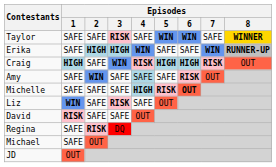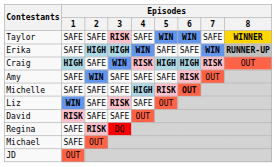 <table class="wikitable" style="text-align:center">
 <tr>
 <th rowspan=2>Contestants</th>
 <th colspan=8>Episodes</th>
 </tr>
 <tr>
 <th>1</th>
 <th>2</th>
 <th>3</th>
 <th>4</th>
 <th>5</th>
 <th>6</th>
 <th>7</th>
 <th>8</th>
 </tr>
 <tr>
 <td align="left">Taylor</td>
 <td>SAFE</td>
 <td>SAFE</td>
 <td bgcolor="pink"><strong>RISK</strong></td>
 <td>SAFE</td>
 <td bgcolor="cornflowerblue"><strong>WIN</strong></td>
 <td bgcolor="cornflowerblue"><strong>WIN</strong></td>
 <td>SAFE</td>
 <td bgcolor="gold"><strong>WINNER</strong></td>
 </tr>
 <tr>
 <td align="left">Erika</td>
 <td>SAFE</td>
 <td bgcolor="lightblue"><strong>HIGH</strong></td>
 <td bgcolor="lightblue"><strong>HIGH</strong></td>
 <td bgcolor="cornflowerblue"><strong>WIN</strong></td>
 <td>SAFE</td>
 <td>SAFE</td>
 <td bgcolor="cornflowerblue"><strong>WIN</strong></td>
 <td bgcolor="silver"><strong>RUNNER-UP</strong></td>
 </tr>
 <tr>
 <td align="left">Craig</td>
 <td bgcolor="lightblue"><strong>HIGH</strong></td>
 <td>SAFE</td>
 <td bgcolor="cornflowerblue"><strong>WIN</strong></td>
 <td bgcolor="pink"><strong>RISK</strong></td>
 <td bgcolor="lightblue"><strong>HIGH</strong></td>
 <td bgcolor="lightblue"><strong>HIGH</strong></td>
 <td bgcolor="pink"><strong>RISK</strong></td>
 <td bgcolor="tomato">OUT</td>
 </tr>
 <tr OUT |>
 <td align="left">Amy</td>
 <td>SAFE</td>
 <td bgcolor="cornflowerblue"><strong>WIN</strong></td>
 <td>SAFE</td>
-<td style="background: lightblue;">SAFE</td>
+<td>SAFE</td>
 <td>SAFE</td>
 <td bgcolor="pink"><strong>RISK</strong></td>
 <td bgcolor="tomato">OUT</td>
 <td bgcolor="lightgrey" colspan=4></td>
 </tr>
 <tr>
 <td align="left">Michelle</td>
 <td>SAFE</td>
 <td>SAFE</td>
 <td>SAFE</td>
 <td bgcolor="lightblue"><strong>HIGH</strong></td>
 <td bgcolor="pink"><strong>RISK</strong></td>
 <td bgcolor="tomato"><strong>OUT</strong></td>
 <td bgcolor="lightgrey" colspan=5></td>
 </tr>
 <tr>
 <td align="left">Liz</td>
 <td bgcolor="cornflowerblue"><strong>WIN</strong></td>
 <td>SAFE</td>
 <td bgcolor="pink"><strong>RISK</strong></td>
 <td>SAFE</td>
 <td bgcolor="tomato">OUT</td>
 <td bgcolor="lightgrey" colspan=3></td>
 </tr>
 <tr>
 <td align="left">David</td>
 <td bgcolor="pink"><strong>RISK</strong></td>
 <td>SAFE</td>
 <td>SAFE</td>
 <td bgcolor="tomato">OUT</td>
 <td bgcolor="lightgrey" colspan=7></td>
 </tr>
 <tr>
 <td align="left">Regina</td>
 <td>SAFE</td>
 <td bgcolor="pink"><strong>RISK</strong></td>
 <td bgcolor="RED">DQ</td>
 <td bgcolor="lightgrey" colspan=8></td>
 </tr>
 <tr>
 <td align="left">Michael</td>
 <td>SAFE</td>
 <td bgcolor="tomato">OUT</td>
 <td bgcolor="lightgrey" colspan=9></td>
 </tr>
 <tr>
 <td align="left">JD</td>
 <td bgcolor="tomato">OUT</td>
 <td bgcolor="lightgrey" colspan=10></td>
 </tr>
 </table>
